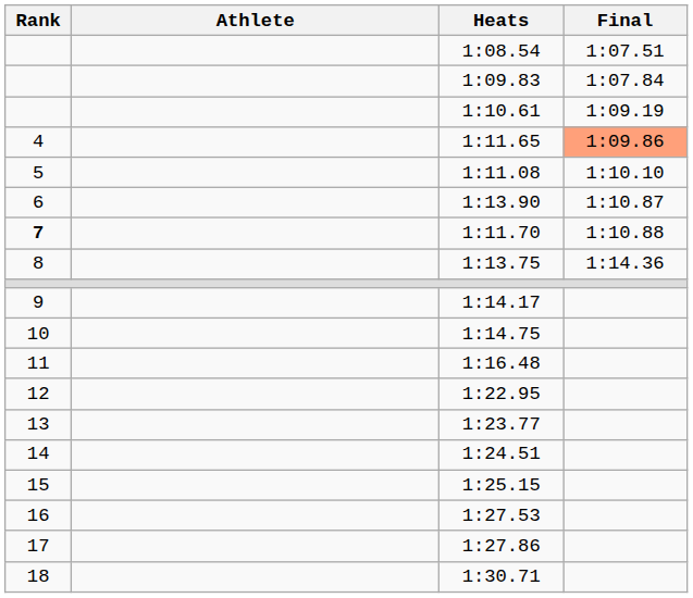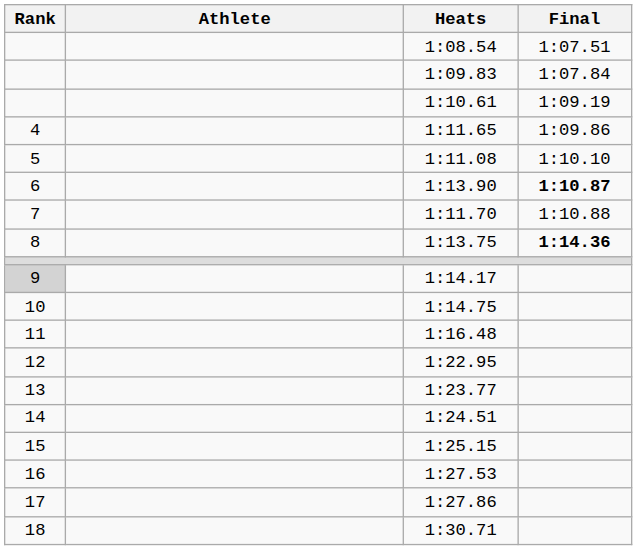 <table class=wikitable style="text-align:center">
 <tr>
 <th width=40>Rank</th>
 <th width=250>Athlete</th>
 <th width=80>Heats</th>
 <th width=80>Final</th>
 </tr>
 <tr>
 <td></td>
 <td align=left></td>
 <td>1:08.54</td>
 <td>1:07.51</td>
 </tr>
 <tr>
 <td></td>
 <td align=left></td>
 <td>1:09.83</td>
 <td>1:07.84</td>
 </tr>
 <tr>
 <td></td>
 <td align=left></td>
 <td>1:10.61</td>
 <td>1:09.19</td>
 </tr>
 <tr>
 <td>4</td>
 <td align=left></td>
 <td>1:11.65</td>
-<td style="background: lightsalmon;">1:09.86</td>
+<td>1:09.86</td>
 </tr>
 <tr>
 <td>5</td>
 <td align=left></td>
 <td>1:11.08</td>
 <td>1:10.10</td>
 </tr>
 <tr>
 <td>6</td>
 <td align=left></td>
 <td>1:13.90</td>
-<td>1:10.87</td>
+<td><strong>1:10.87</strong></td>
 </tr>
 <tr>
-<td><strong>7</strong></td>
+<td>7</td>
 <td align=left></td>
 <td>1:11.70</td>
 <td>1:10.88</td>
 </tr>
 <tr>
 <td>8</td>
 <td align=left></td>
 <td>1:13.75</td>
-<td>1:14.36</td>
+<td><strong>1:14.36</strong></td>
 </tr>
 <tr bgcolor=#DDDDDD>
 <td colspan=4></td>
 </tr>
 <tr>
-<td>9</td>
+<td style="background: lightgrey;">9</td>
 <td align=left></td>
 <td>1:14.17</td>
 <td></td>
 </tr>
 <tr>
 <td>10</td>
 <td align=left></td>
 <td>1:14.75</td>
 <td></td>
 </tr>
 <tr>
 <td>11</td>
 <td align=left></td>
 <td>1:16.48</td>
 <td></td>
 </tr>
 <tr>
 <td>12</td>
 <td align=left></td>
 <td>1:22.95</td>
 <td></td>
 </tr>
 <tr>
 <td>13</td>
 <td align=left></td>
 <td>1:23.77</td>
 <td></td>
 </tr>
 <tr>
 <td>14</td>
 <td align=left></td>
 <td>1:24.51</td>
 <td></td>
 </tr>
 <tr>
 <td>15</td>
 <td align=left></td>
 <td>1:25.15</td>
 <td></td>
 </tr>
 <tr>
 <td>16</td>
 <td align=left></td>
 <td>1:27.53</td>
 <td></td>
 </tr>
 <tr>
 <td>17</td>
 <td align=left></td>
 <td>1:27.86</td>
 <td></td>
 </tr>
 <tr>
 <td>18</td>
 <td align=left></td>
 <td>1:30.71</td>
 <td></td>
 </tr>
 </table>
